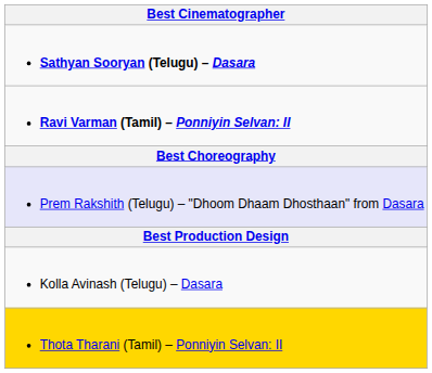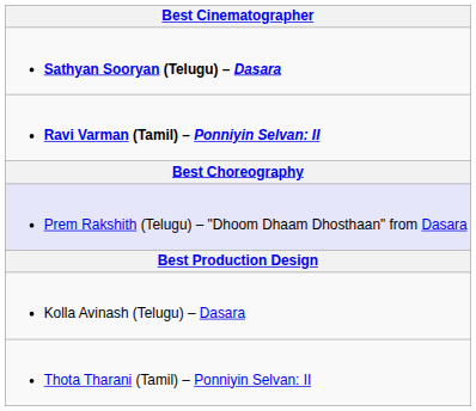 <table class="wikitable">
 <tr>
 <th><a href='#'>Best Cinematographer</a></th>
 </tr>
 <tr>
 <td><br><ul><li><strong><a href='#'>Sathyan Sooryan</a> (Telugu) – <a href='#'><em>Dasara</em></a></strong></li></ul></td>
 </tr>
 <tr>
 <td><br><ul><li><strong><a href='#'>Ravi Varman</a> (Tamil) – <em><a href='#'>Ponniyin Selvan: II</a><strong><em></li></ul></td>
 </tr>
 <tr>
 <th><a href='#'>Best Choreography</a></th>
 </tr>
 <tr>
 <td style="background: lavender;"><br><ul><li></strong><a href='#'>Prem Rakshith</a><strong> </strong>(Telugu) – "Dhoom Dhaam Dhosthaan" from <a href='#'></em>Dasara<em></a><strong></li></ul></td>
 </tr>
 <tr>
 <th><a href='#'>Best Production Design</a></th>
 </tr>
 <tr>
 <td><br><ul><li></strong>Kolla Avinash (Telugu) – <a href='#'></em>Dasara<em></a><strong></li></ul></td>
 </tr>
 <tr>
-<td style="background: gold;"><br><ul><li></strong><a href='#'>Thota Tharani</a><strong> </strong>(Tamil) – </em><a href='#'>Ponniyin Selvan: II</a></em></strong></li></ul></td>
+<td><br><ul><li></strong><a href='#'>Thota Tharani</a><strong> </strong>(Tamil) – </em><a href='#'>Ponniyin Selvan: II</a></em></strong></li></ul></td>
 </tr>
 </table>
